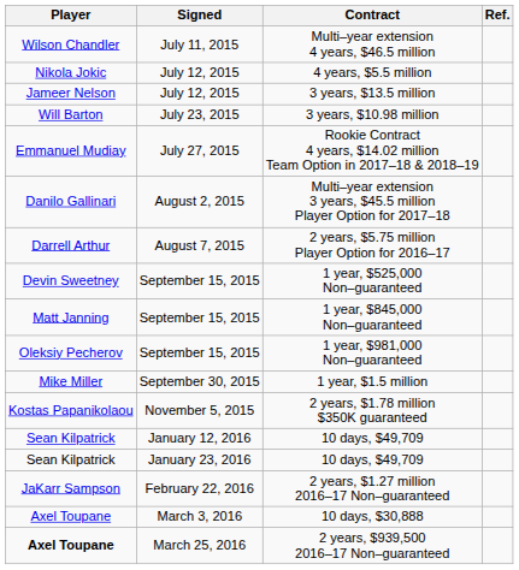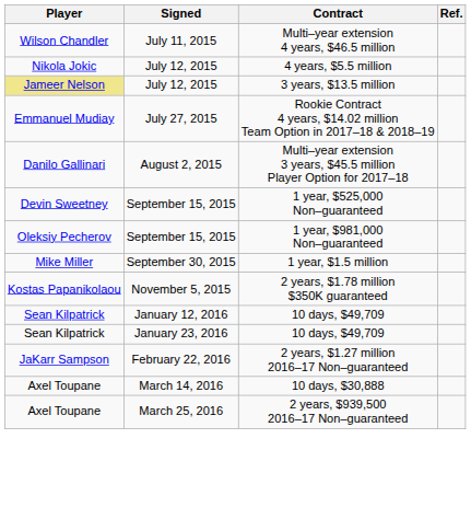 <table class="wikitable sortable sortable" style="text-align: center;">
 <tr>
 <th>Player</th>
 <th>Signed</th>
 <th>Contract</th>
 <th>Ref.</th>
 </tr>
 <tr>
 <td><a href='#'>Wilson Chandler</a></td>
 <td>July 11, 2015</td>
 <td>Multi–year extension<br>4 years, $46.5 million</td>
 <td></td>
 </tr>
 <tr>
 <td><a href='#'>Nikola Jokic</a></td>
 <td>July 12, 2015</td>
 <td>4 years, $5.5 million</td>
 <td></td>
 </tr>
 <tr>
-<td><a href='#'>Jameer Nelson</a></td>
+<td style="background: khaki;"><a href='#'>Jameer Nelson</a></td>
 <td>July 12, 2015</td>
 <td>3 years, $13.5 million</td>
-<td></td>
-</tr>
-<tr>
-<td><a href='#'>Will Barton</a></td>
-<td>July 23, 2015</td>
-<td>3 years, $10.98 million</td>
 <td></td>
 </tr>
 <tr>
 <td><a href='#'>Emmanuel Mudiay</a></td>
 <td>July 27, 2015</td>
 <td>Rookie Contract<br>4 years, $14.02 million<br>Team Option in 2017–18 & 2018–19</td>
 <td></td>
 </tr>
 <tr>
 <td><a href='#'>Danilo Gallinari</a></td>
 <td>August 2, 2015</td>
 <td>Multi–year extension<br>3 years, $45.5 million<br>Player Option for 2017–18</td>
 <td></td>
 </tr>
 <tr>
-<td><a href='#'>Darrell Arthur</a></td>
-<td>August 7, 2015</td>
-<td>2 years, $5.75 million<br>Player Option for 2016–17</td>
-<td></td>
-</tr>
-<tr>
 <td><a href='#'>Devin Sweetney</a></td>
 <td>September 15, 2015</td>
 <td>1 year, $525,000<br>Non–guaranteed</td>
-<td></td>
-</tr>
-<tr>
-<td><a href='#'>Matt Janning</a></td>
-<td>September 15, 2015</td>
-<td>1 year, $845,000<br>Non–guaranteed</td>
 <td></td>
 </tr>
 <tr>
 <td><a href='#'>Oleksiy Pecherov</a></td>
 <td>September 15, 2015</td>
 <td>1 year, $981,000<br>Non–guaranteed</td>
 <td></td>
 </tr>
 <tr>
 <td><a href='#'>Mike Miller</a></td>
 <td>September 30, 2015</td>
 <td>1 year, $1.5 million</td>
 <td></td>
 </tr>
 <tr>
 <td><a href='#'>Kostas Papanikolaou</a></td>
 <td>November 5, 2015</td>
 <td>2 years, $1.78 million<br>$350K guaranteed</td>
 <td></td>
 </tr>
 <tr>
 <td><a href='#'>Sean Kilpatrick</a></td>
 <td>January 12, 2016</td>
 <td>10 days, $49,709</td>
 <td></td>
 </tr>
 <tr>
 <td>Sean Kilpatrick</td>
 <td>January 23, 2016</td>
 <td>10 days, $49,709</td>
 <td></td>
 </tr>
 <tr>
 <td><a href='#'>JaKarr Sampson</a></td>
 <td>February 22, 2016</td>
 <td>2 years, $1.27 million<br>2016–17 Non–guaranteed</td>
 <td></td>
 </tr>
 <tr>
-<td><a href='#'>Axel Toupane</a></td>
-<td>March 3, 2016</td>
+<td>Axel Toupane</td>
+<td>March 14, 2016</td>
 <td>10 days, $30,888</td>
 <td></td>
 </tr>
 <tr>
-<td><strong>Axel Toupane</strong></td>
+<td>Axel Toupane</td>
 <td>March 25, 2016</td>
 <td>2 years, $939,500<br>2016–17 Non–guaranteed</td>
 <td></td>
 </tr>
 </table>
